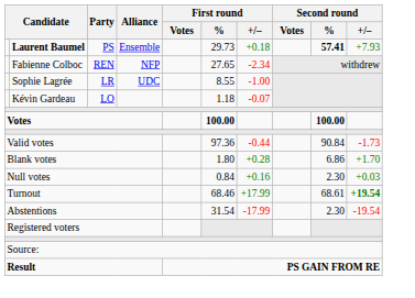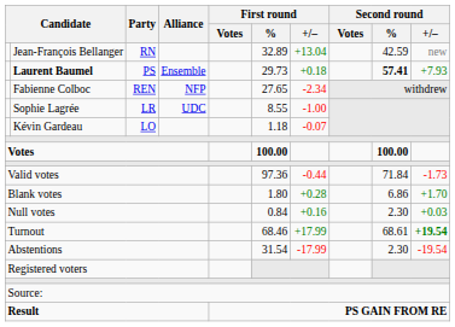 <table class="wikitable" style="text-align:right;font-size:95%;">
 <tr>
 <th rowspan="2" colspan="2">Candidate</th>
 <th colspan="1" rowspan="2">Party</th>
 <th colspan="1" rowspan="2">Alliance</th>
 <th colspan="3">First round</th>
 <th colspan="3">Second round</th>
 </tr>
 <tr>
 <th style="width:50px;">Votes</th>
 <th style="width:45px;">%</th>
 <th style="width:45px;">+/–</th>
 <th style="width:50px;">Votes</th>
 <th style="width:45px;">%</th>
 <th style="width:45px;">+/–</th>
+</tr>
+<tr>
+<td style="color:inherit;background:"></td>
+<td style="text-align:left;">Jean-François Bellanger</td>
+<td><a href='#'>RN</a></td>
+<td></td>
+<td></td>
+<td>32.89</td>
+<td style="color:green;">+13.04</td>
+<td></td>
+<td>42.59</td>
+<td style="color:grey;">new</td>
 </tr>
 <tr>
 <td style="color:inherit;background:"></td>
 <td style="text-align:left;"><strong>Laurent Baumel</strong></td>
 <td><a href='#'>PS</a></td>
 <td><a href='#'>Ensemble</a></td>
 <td></td>
 <td>29.73</td>
 <td style="color:green;">+0.18</td>
 <td><strong></strong></td>
 <td><strong>57.41</strong></td>
 <td style="color:green;">+7.93</td>
 </tr>
 <tr>
 <td style="color:inherit;background:"></td>
 <td style="text-align:left;">Fabienne Colboc</td>
 <td><a href='#'>REN</a></td>
 <td><a href='#'>NFP</a></td>
 <td></td>
 <td>27.65</td>
 <td style="color:red;">-2.34</td>
 <td colspan="3" style="background:#E9E9E9;">withdrew</td>
 </tr>
 <tr>
 <td style="color:inherit;background:"></td>
 <td style="text-align:left;">Sophie Lagrée</td>
 <td><a href='#'>LR</a></td>
 <td><a href='#'>UDC</a></td>
 <td></td>
 <td>8.55</td>
 <td style="color:red;">-1.00</td>
 <td colspan="3" rowspan="2" style="background:#E9E9E9;"></td>
 </tr>
 <tr>
 <td style="color:inherit;background:"></td>
 <td style="text-align:left;">Kévin Gardeau</td>
 <td><a href='#'>LO</a></td>
 <td></td>
 <td></td>
 <td>1.18</td>
 <td style="color:red;">-0.07</td>
 </tr>
 <tr>
 <td colspan="10" style="background:#E9E9E9;"></td>
 </tr>
 <tr style="font-weight:bold;">
 <td colspan="4" style="text-align:left;">Votes</td>
 <td></td>
 <td>100.00</td>
 <td></td>
 <td></td>
 <td>100.00</td>
 <td></td>
 </tr>
 <tr>
 <td colspan="10" style="background:#E9E9E9;"></td>
 </tr>
 <tr>
 <td colspan="4" style="text-align:left;">Valid votes</td>
 <td></td>
 <td>97.36</td>
 <td style="color:red;">-0.44</td>
 <td></td>
-<td>90.84</td>
+<td>71.84</td>
 <td style="color:red;">-1.73</td>
 </tr>
 <tr>
 <td colspan="4" style="text-align:left;">Blank votes</td>
 <td></td>
 <td>1.80</td>
 <td style="color:green;">+0.28</td>
 <td></td>
 <td>6.86</td>
 <td style="color:green;">+1.70</td>
 </tr>
 <tr>
 <td colspan="4" style="text-align:left;">Null votes</td>
 <td></td>
 <td>0.84</td>
 <td style="color:green;">+0.16</td>
 <td></td>
 <td>2.30</td>
 <td style="color:green;">+0.03</td>
 </tr>
 <tr>
 <td colspan="4" style="text-align:left;">Turnout</td>
 <td></td>
 <td>68.46</td>
 <td style="color:green;">+17.99</td>
 <td></td>
 <td>68.61</td>
 <td style="color:green;"><strong>+19.54</strong></td>
 </tr>
 <tr>
 <td colspan="4" style="text-align:left;">Abstentions</td>
 <td></td>
 <td>31.54</td>
 <td style="color:red;">-17.99</td>
 <td></td>
 <td>2.30</td>
 <td style="color:red;">-19.54</td>
 </tr>
 <tr>
 <td colspan="4" style="text-align:left;">Registered voters</td>
 <td></td>
 <td colspan="2" style="background:#E9E9E9;"></td>
 <td></td>
 <td colspan="2" style="background:#E9E9E9;"></td>
 </tr>
 <tr>
 <td colspan="10" style="background:#E9E9E9;"></td>
 </tr>
 <tr>
 <td colspan="10" style="text-align:left;">Source: </td>
 </tr>
 <tr style="font-weight:bold">
 <td colspan="4" style="text-align:left;">Result</td>
 <td colspan="6" style="background-color:">PS GAIN FROM RE</td>
 </tr>
 </table>
